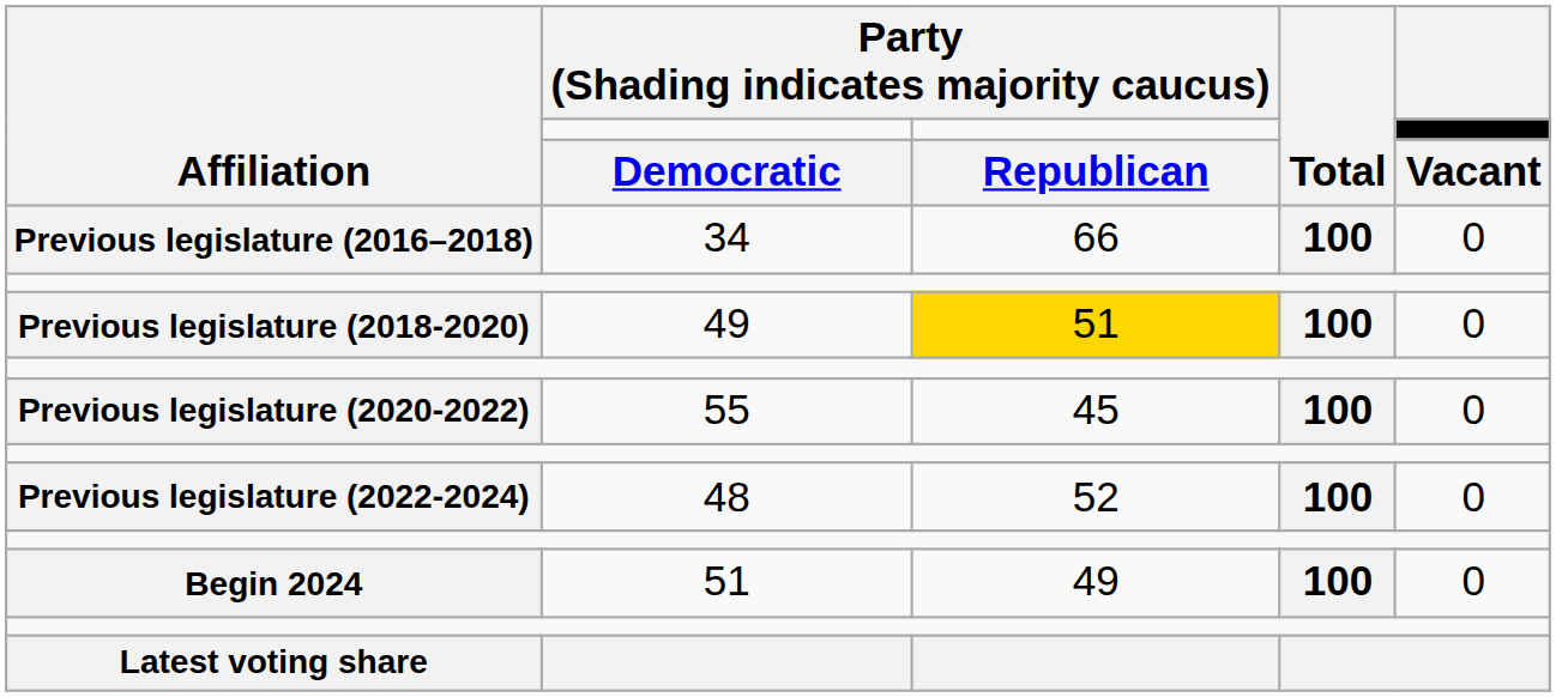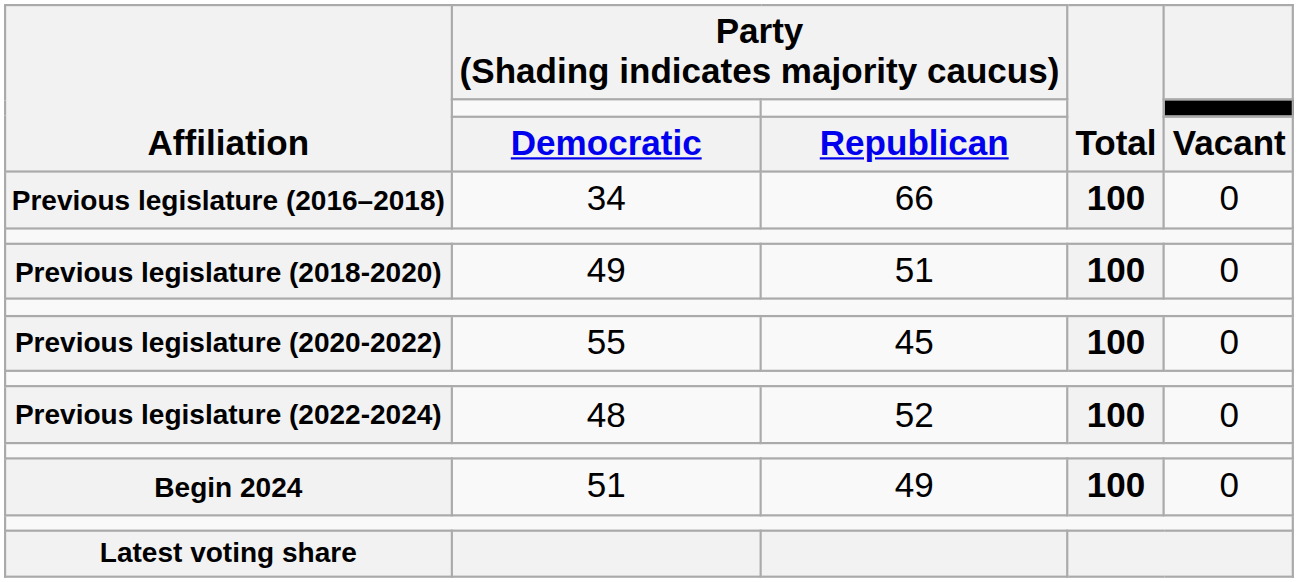 <table class=wikitable style="text-align:center">
 <tr style="vertical-align:bottom;">
 <th rowspan=3>Affiliation</th>
 <th colspan=2>Party <div>(Shading indicates majority caucus)</div></th>
 <th rowspan=3>Total</th>
 <th></th>
 </tr>
 <tr style="height:5px">
 <td style="background-color:"></td>
 <td style="background-color:"></td>
 <td style="background-color:black"></td>
 </tr>
 <tr>
 <th><a href='#'>Democratic</a></th>
 <th><a href='#'>Republican</a></th>
 <th>Vacant</th>
 </tr>
 <tr>
 <th nowrap style="font-size:80%">Previous legislature (2016–2018)</th>
 <td>34</td>
 <td>66</td>
 <th>100</th>
 <td>0</td>
 </tr>
 <tr>
 <td colspan=5></td>
 </tr>
 <tr>
 <th nowrap style="font-size:80%">Previous legislature (2018-2020)</th>
 <td>49</td>
-<td style="background: gold;">51</td>
+<td>51</td>
 <th>100</th>
 <td>0</td>
 </tr>
 <tr>
 <td colspan=5></td>
 </tr>
 <tr>
 <th nowrap style="font-size:80%">Previous legislature (2020-2022)</th>
 <td>55</td>
 <td>45</td>
 <th>100</th>
 <td>0</td>
 </tr>
 <tr>
 <td colspan=5></td>
 </tr>
 <tr>
 <th nowrap style="font-size:80%">Previous legislature (2022-2024)</th>
 <td>48</td>
 <td>52</td>
 <th>100</th>
 <td>0</td>
 </tr>
 <tr>
 <td colspan=5></td>
 </tr>
 <tr>
 <th nowrap style="font-size:80%">Begin 2024</th>
 <td>51</td>
 <td>49</td>
 <th>100</th>
 <td>0</td>
 </tr>
 <tr>
 <td colspan=5></td>
 </tr>
 <tr>
 <th nowrap style="font-size:80%">Latest voting share</th>
 <th></th>
 <th></th>
 <th colspan=2></th>
 </tr>
 </table>
